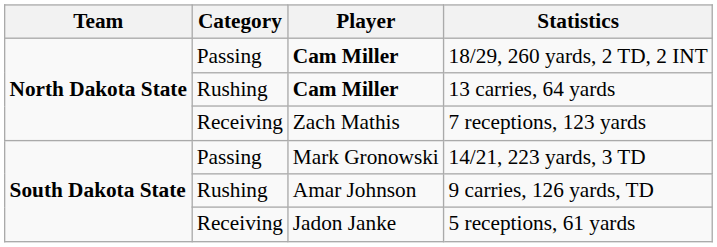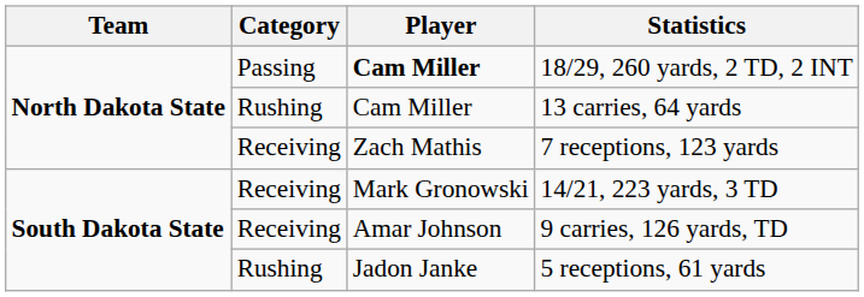 <table class="wikitable" style="float: left;">
 <tr>
 <th>Team</th>
 <th>Category</th>
 <th>Player</th>
 <th>Statistics</th>
 </tr>
 <tr>
 <td rowspan=3><strong>North Dakota State</strong></td>
 <td>Passing</td>
 <td><strong>Cam Miller</strong></td>
 <td>18/29, 260 yards, 2 TD, 2 INT</td>
 </tr>
 <tr>
 <td>Rushing</td>
-<td><strong>Cam Miller</strong></td>
+<td>Cam Miller</td>
 <td>13 carries, 64 yards</td>
 </tr>
 <tr>
 <td>Receiving</td>
 <td>Zach Mathis</td>
 <td>7 receptions, 123 yards</td>
 </tr>
 <tr>
 <td rowspan=3><strong>South Dakota State</strong></td>
-<td>Passing</td>
+<td>Receiving</td>
 <td>Mark Gronowski</td>
 <td>14/21, 223 yards, 3 TD</td>
 </tr>
 <tr>
-<td>Rushing</td>
+<td>Receiving</td>
 <td>Amar Johnson</td>
 <td>9 carries, 126 yards, TD</td>
 </tr>
 <tr>
-<td>Receiving</td>
+<td>Rushing</td>
 <td>Jadon Janke</td>
 <td>5 receptions, 61 yards</td>
 </tr>
 </table>
